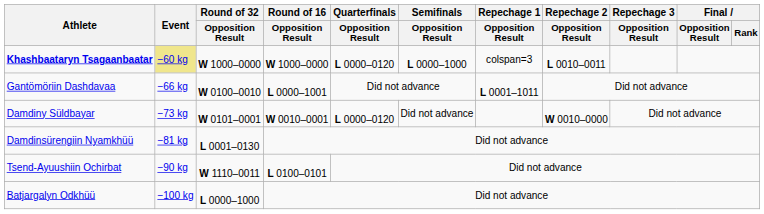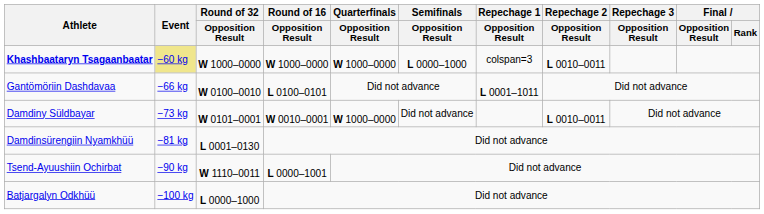 <table class="wikitable" style="font-size:90%">
 <tr>
 <th rowspan="2">Athlete</th>
 <th rowspan="2">Event</th>
 <th>Round of 32</th>
 <th>Round of 16</th>
 <th>Quarterfinals</th>
 <th>Semifinals</th>
 <th>Repechage 1</th>
 <th>Repechage 2</th>
 <th>Repechage 3</th>
 <th colspan=2>Final / </th>
 </tr>
 <tr style="font-size:95%">
 <th>Opposition<br>Result</th>
 <th>Opposition<br>Result</th>
 <th>Opposition<br>Result</th>
 <th>Opposition<br>Result</th>
 <th>Opposition<br>Result</th>
 <th>Opposition<br>Result</th>
 <th>Opposition<br>Result</th>
 <th>Opposition<br>Result</th>
 <th>Rank</th>
 </tr>
 <tr align=center>
 <td align=left><strong><a href='#'>Khashbaataryn Tsagaanbaatar</a></strong></td>
 <td align=left style="background: khaki;"><a href='#'>−60 kg</a></td>
 <td><br><strong>W</strong> 1000–0000</td>
 <td><br><strong>W</strong> 1000–0000</td>
-<td><br><strong>L</strong> 0000–0120</td>
+<td><br><strong>W</strong> 1000–0000</td>
 <td><br><strong>L</strong> 0000–1000</td>
 <td>colspan=3 </td>
 <td><br><strong>L</strong> 0010–0011</td>
 <td></td>
 </tr>
 <tr align=center>
 <td align=left><a href='#'>Gantömöriin Dashdavaa</a></td>
 <td align=left><a href='#'>−66 kg</a></td>
 <td><br><strong>W</strong> 0100–0010</td>
-<td><br><strong>L</strong> 0000–1001</td>
+<td><br><strong>L</strong> 0100–0101</td>
 <td colspan=2>Did not advance</td>
 <td><br><strong>L</strong> 0001–1011</td>
 <td colspan=4>Did not advance</td>
 </tr>
 <tr align=center>
 <td align=left><a href='#'>Damdiny Süldbayar</a></td>
 <td align=left><a href='#'>−73 kg</a></td>
 <td><br><strong>W</strong> 0101–0001</td>
 <td><br><strong>W</strong> 0010–0001</td>
-<td><br><strong>L</strong> 0000–0120</td>
+<td><br><strong>W</strong> 1000–0000</td>
 <td>Did not advance</td>
 <td></td>
-<td><br><strong>W</strong> 0010–0000</td>
+<td><br><strong>L</strong> 0010–0011</td>
 <td colspan=3>Did not advance</td>
 </tr>
 <tr align=center>
 <td align=left><a href='#'>Damdinsürengiin Nyamkhüü</a></td>
 <td align=left><a href='#'>−81 kg</a></td>
 <td><br><strong>L</strong> 0001–0130</td>
 <td colspan=8>Did not advance</td>
 </tr>
 <tr align=center>
 <td align=left><a href='#'>Tsend-Ayuushiin Ochirbat</a></td>
 <td align=left><a href='#'>−90 kg</a></td>
 <td><br><strong>W</strong> 1110–0011</td>
-<td><br><strong>L</strong> 0100–0101</td>
+<td><br><strong>L</strong> 0000–1001</td>
 <td colspan=7>Did not advance</td>
 </tr>
 <tr align=center>
 <td align=left><a href='#'>Batjargalyn Odkhüü</a></td>
 <td align=left><a href='#'>−100 kg</a></td>
 <td><br><strong>L</strong> 0000–1000</td>
 <td colspan=8>Did not advance</td>
 </tr>
 </table>
